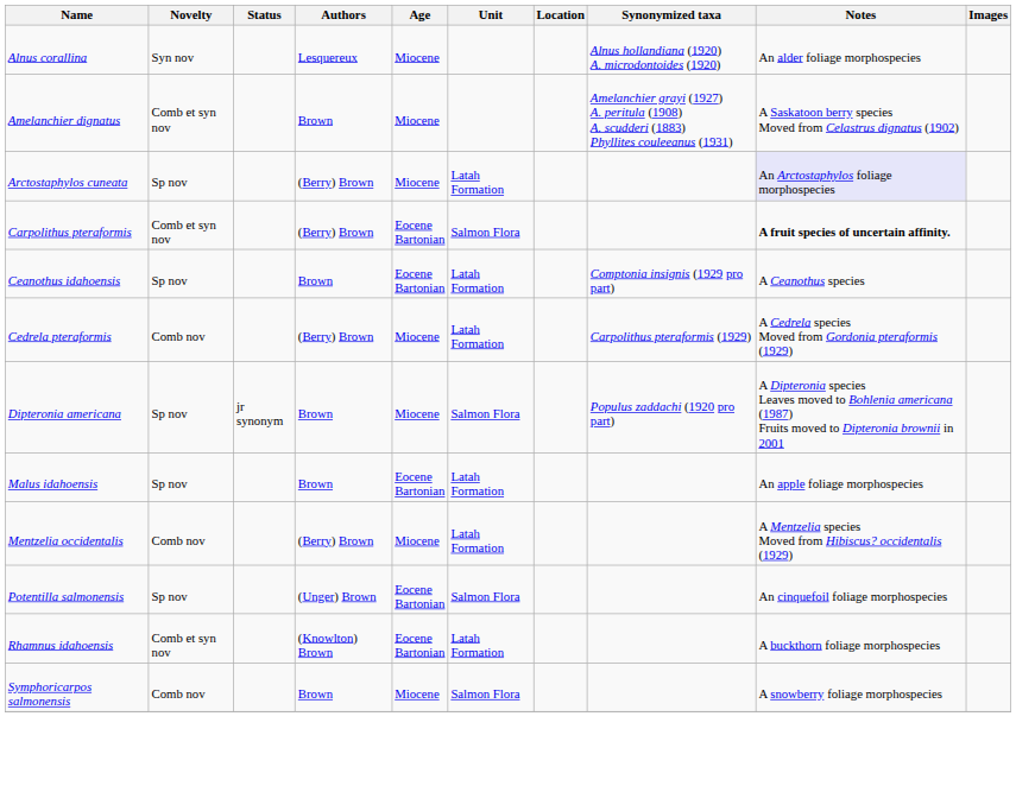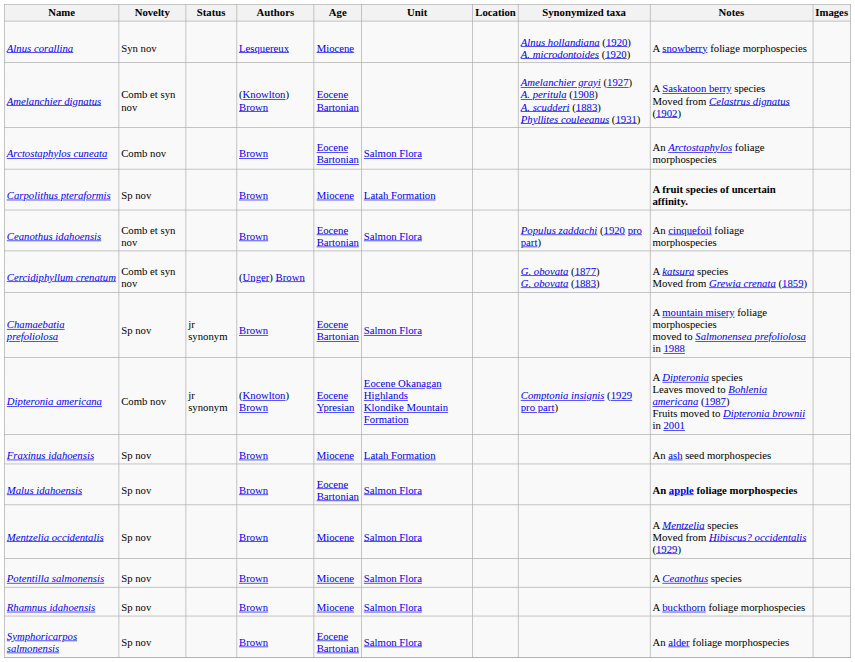 <table class="wikitable sortable" align="center" width="100%">
 <tr>
 <th>Name</th>
 <th>Novelty</th>
 <th>Status</th>
 <th>Authors</th>
 <th>Age</th>
 <th>Unit</th>
 <th>Location</th>
 <th>Synonymized taxa</th>
 <th>Notes</th>
 <th>Images</th>
 </tr>
 <tr>
 <td><br><em><a href='#'>Alnus corallina</a></em></td>
 <td><br>Syn nov</td>
 <td></td>
 <td><br><a href='#'>Lesquereux</a></td>
 <td><br><a href='#'>Miocene</a></td>
 <td></td>
 <td><br><br></td>
 <td><br><em><a href='#'>Alnus hollandiana</a></em> (<a href='#'>1920</a>)<br> <em><a href='#'>A. microdontoides</a></em> (<a href='#'>1920</a>)</td>
-<td><br>An <a href='#'>alder</a> foliage morphospecies</td>
+<td><br>A <a href='#'>snowberry</a> foliage morphospecies</td>
 <td></td>
 </tr>
 <tr>
 <td><br><em><a href='#'>Amelanchier dignatus</a></em></td>
 <td><br>Comb et syn nov</td>
 <td></td>
-<td><br><a href='#'>Brown</a></td>
-<td><br><a href='#'>Miocene</a></td>
+<td><br>(<a href='#'>Knowlton</a>) <a href='#'>Brown</a></td>
+<td><br><a href='#'>Eocene</a><br><a href='#'>Bartonian</a></td>
 <td></td>
 <td><br></td>
 <td><br><em><a href='#'>Amelanchier grayi</a></em> (<a href='#'>1927</a>)<br> <em><a href='#'>A. peritula</a></em> (<a href='#'>1908</a>)<br> <em><a href='#'>A. scudderi</a></em> (<a href='#'>1883</a>)<br> <em><a href='#'>Phyllites couleeanus</a></em> (<a href='#'>1931</a>)</td>
 <td><br>A <a href='#'>Saskatoon berry</a> species<br> Moved from <em><a href='#'>Celastrus dignatus</a></em> (<a href='#'>1902</a>)</td>
 <td></td>
 </tr>
 <tr>
 <td><br><em><a href='#'>Arctostaphylos cuneata</a></em></td>
-<td><br>Sp nov</td>
+<td><br>Comb nov</td>
 <td></td>
-<td><br>(<a href='#'>Berry</a>) <a href='#'>Brown</a></td>
-<td><br><a href='#'>Miocene</a></td>
-<td><br><a href='#'>Latah Formation</a></td>
+<td><br><a href='#'>Brown</a></td>
+<td><br><a href='#'>Eocene</a><br><a href='#'>Bartonian</a></td>
+<td><br><a href='#'>Salmon Flora</a></td>
 <td><br><br></td>
 <td></td>
-<td style="background: lavender;"><br>An <em><a href='#'>Arctostaphylos</a></em> foliage morphospecies</td>
+<td><br>An <em><a href='#'>Arctostaphylos</a></em> foliage morphospecies</td>
 <td></td>
 </tr>
 <tr>
 <td><br><em><a href='#'>Carpolithus pteraformis</a></em></td>
-<td><br>Comb et syn nov</td>
+<td><br>Sp nov</td>
 <td></td>
-<td><br>(<a href='#'>Berry</a>) <a href='#'>Brown</a></td>
-<td><br><a href='#'>Eocene</a><br><a href='#'>Bartonian</a></td>
-<td><br><a href='#'>Salmon Flora</a></td>
+<td><br><a href='#'>Brown</a></td>
+<td><br><a href='#'>Miocene</a></td>
+<td><br><a href='#'>Latah Formation</a></td>
 <td><br><br></td>
 <td></td>
 <td><strong><br>A fruit species of uncertain affinity.</strong></td>
 <td></td>
 </tr>
 <tr>
 <td><br><em><a href='#'>Ceanothus idahoensis</a></em></td>
-<td><br>Sp nov</td>
+<td><br>Comb et syn nov</td>
 <td></td>
 <td><br><a href='#'>Brown</a></td>
 <td><br><a href='#'>Eocene</a><br><a href='#'>Bartonian</a></td>
-<td><br><a href='#'>Latah Formation</a></td>
+<td><br><a href='#'>Salmon Flora</a></td>
 <td><br><br></td>
-<td><br><em><a href='#'>Comptonia insignis</a></em> (<a href='#'>1929</a> <a href='#'>pro part</a>)</td>
-<td><br>A <em><a href='#'>Ceanothus</a></em> species</td>
+<td><br><em><a href='#'>Populus zaddachi</a></em> (<a href='#'>1920</a> <a href='#'>pro part</a>)</td>
+<td><br>An <a href='#'>cinquefoil</a> foliage morphospecies</td>
 <td></td>
 </tr>
 <tr>
-<td><br><em><a href='#'>Cedrela pteraformis</a></em></td>
-<td><br>Comb nov</td>
+<td><br><em><a href='#'>Cercidiphyllum crenatum</a></em></td>
+<td><br>Comb et syn nov</td>
 <td></td>
-<td><br>(<a href='#'>Berry</a>) <a href='#'>Brown</a></td>
-<td><br><a href='#'>Miocene</a></td>
-<td><br><a href='#'>Latah Formation</a></td>
+<td><br>(<a href='#'>Unger</a>) <a href='#'>Brown</a></td>
+<td></td>
+<td></td>
+<td></td>
+<td><br><em><a href='#'>G. obovata</a></em> (<a href='#'>1877</a>)<br> <em><a href='#'>G. obovata</a></em> (<a href='#'>1883</a>)</td>
+<td><br>A <em><a href='#'>katsura</a></em> species<br>Moved from <em><a href='#'>Grewia crenata</a></em> (<a href='#'>1859</a>)</td>
+<td></td>
+</tr>
+<tr>
+<td><br><em><a href='#'>Chamaebatia prefoliolosa</a></em></td>
+<td><br>Sp nov</td>
+<td><br>jr synonym</td>
+<td><br><a href='#'>Brown</a></td>
+<td><br><a href='#'>Eocene</a><br><a href='#'>Bartonian</a></td>
+<td><br><a href='#'>Salmon Flora</a></td>
 <td><br><br></td>
-<td><br><em><a href='#'>Carpolithus pteraformis</a></em> (<a href='#'>1929</a>)<br></td>
-<td><br>A <em><a href='#'>Cedrela</a></em> species<br> Moved from <em><a href='#'>Gordonia pteraformis</a></em> (<a href='#'>1929</a>)</td>
+<td></td>
+<td><br>A <a href='#'>mountain misery</a> foliage morphospecies<br>moved to <em><a href='#'>Salmonensea prefoliolosa</a></em> in <a href='#'>1988</a></td>
 <td><br></td>
 </tr>
 <tr>
 <td><br><em><a href='#'>Dipteronia americana</a></em></td>
+<td><br>Comb nov</td>
+<td><br>jr synonym</td>
+<td><br>(<a href='#'>Knowlton</a>) <a href='#'>Brown</a></td>
+<td><br><a href='#'>Eocene</a><br><a href='#'>Ypresian</a></td>
+<td><br><a href='#'>Eocene Okanagan Highlands</a><br><a href='#'>Klondike Mountain Formation</a></td>
+<td><br><br></td>
+<td><br><em><a href='#'>Comptonia insignis</a></em> (<a href='#'>1929</a> <a href='#'>pro part</a>)</td>
+<td><br>A <em><a href='#'>Dipteronia</a></em> species<br>Leaves moved to <em><a href='#'>Bohlenia americana</a></em> (<a href='#'>1987</a>) <br> Fruits moved to <em><a href='#'>Dipteronia brownii</a></em> in <a href='#'>2001</a></td>
+<td><br></td>
+</tr>
+<tr>
+<td><br><em><a href='#'>Fraxinus idahoensis</a></em></td>
 <td><br>Sp nov</td>
-<td><br>jr synonym</td>
+<td></td>
 <td><br><a href='#'>Brown</a></td>
 <td><br><a href='#'>Miocene</a></td>
-<td><br><a href='#'>Salmon Flora</a></td>
+<td><br><a href='#'>Latah Formation</a></td>
 <td><br><br></td>
-<td><br><em><a href='#'>Populus zaddachi</a></em> (<a href='#'>1920</a> <a href='#'>pro part</a>)</td>
-<td><br>A <em><a href='#'>Dipteronia</a></em> species<br>Leaves moved to <em><a href='#'>Bohlenia americana</a></em> (<a href='#'>1987</a>) <br> Fruits moved to <em><a href='#'>Dipteronia brownii</a></em> in <a href='#'>2001</a></td>
-<td><br></td>
+<td></td>
+<td><br>An <a href='#'>ash</a> seed morphospecies</td>
+<td></td>
 </tr>
 <tr>
 <td><br><em><a href='#'>Malus idahoensis</a></em></td>
 <td><br>Sp nov</td>
 <td></td>
 <td><br><a href='#'>Brown</a></td>
 <td><br><a href='#'>Eocene</a><br><a href='#'>Bartonian</a></td>
-<td><br><a href='#'>Latah Formation</a></td>
+<td><br><a href='#'>Salmon Flora</a></td>
 <td><br><br></td>
 <td></td>
-<td><br>An <a href='#'>apple</a> foliage morphospecies</td>
+<td><strong><br>An <a href='#'>apple</a> foliage morphospecies</strong></td>
 <td></td>
 </tr>
 <tr>
 <td><br><em><a href='#'>Mentzelia occidentalis</a></em></td>
-<td><br>Comb nov</td>
+<td><br>Sp nov</td>
 <td></td>
-<td><br>(<a href='#'>Berry</a>) <a href='#'>Brown</a></td>
+<td><br><a href='#'>Brown</a></td>
 <td><br><a href='#'>Miocene</a></td>
-<td><br><a href='#'>Latah Formation</a></td>
+<td><br><a href='#'>Salmon Flora</a></td>
 <td><br><br></td>
 <td></td>
 <td><br>A <em><a href='#'>Mentzelia</a></em> species<br>Moved from <em><a href='#'>Hibiscus? occidentalis</a></em> (<a href='#'>1929</a>)</td>
 <td></td>
 </tr>
 <tr>
 <td><br><em><a href='#'>Potentilla salmonensis</a></em></td>
 <td><br>Sp nov</td>
 <td></td>
-<td><br>(<a href='#'>Unger</a>) <a href='#'>Brown</a></td>
-<td><br><a href='#'>Eocene</a><br><a href='#'>Bartonian</a></td>
+<td><br><a href='#'>Brown</a></td>
+<td><br><a href='#'>Miocene</a></td>
 <td><br><a href='#'>Salmon Flora</a></td>
 <td><br><br></td>
 <td></td>
-<td><br>An <a href='#'>cinquefoil</a> foliage morphospecies</td>
+<td><br>A <em><a href='#'>Ceanothus</a></em> species</td>
 <td></td>
 </tr>
 <tr>
 <td><br><em><a href='#'>Rhamnus idahoensis</a></em></td>
-<td><br>Comb et syn nov</td>
+<td><br>Sp nov</td>
 <td></td>
-<td><br>(<a href='#'>Knowlton</a>) <a href='#'>Brown</a></td>
-<td><br><a href='#'>Eocene</a><br><a href='#'>Bartonian</a></td>
-<td><br><a href='#'>Latah Formation</a></td>
+<td><br><a href='#'>Brown</a></td>
+<td><br><a href='#'>Miocene</a></td>
+<td><br><a href='#'>Salmon Flora</a></td>
 <td><br><br></td>
 <td></td>
 <td><br>A <a href='#'>buckthorn</a> foliage morphospecies</td>
 <td></td>
 </tr>
 <tr>
 <td><br><em><a href='#'>Symphoricarpos salmonensis</a></em></td>
-<td><br>Comb nov</td>
+<td><br>Sp nov</td>
 <td></td>
 <td><br><a href='#'>Brown</a></td>
-<td><br><a href='#'>Miocene</a></td>
+<td><br><a href='#'>Eocene</a><br><a href='#'>Bartonian</a></td>
 <td><br><a href='#'>Salmon Flora</a></td>
 <td><br><br></td>
 <td></td>
-<td><br>A <a href='#'>snowberry</a> foliage morphospecies</td>
+<td><br>An <a href='#'>alder</a> foliage morphospecies</td>
 <td></td>
 </tr>
 <tr>
 </tr>
 </table>
